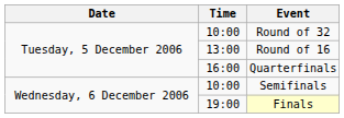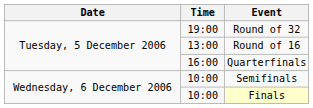 <table class = "wikitable" style="text-align:center;">
 <tr>
 <th width=220>Date</th>
 <th width=50>Time</th>
 <th width=100>Event</th>
 </tr>
 <tr>
 <td rowspan=3>Tuesday, 5 December 2006</td>
-<td>10:00</td>
+<td>19:00</td>
 <td>Round of 32</td>
 </tr>
 <tr>
 <td>13:00</td>
 <td>Round of 16</td>
 </tr>
 <tr>
 <td>16:00</td>
 <td>Quarterfinals</td>
 </tr>
 <tr>
 <td rowspan=2>Wednesday, 6 December 2006</td>
 <td>10:00</td>
 <td>Semifinals</td>
 </tr>
 <tr>
-<td>19:00</td>
+<td>10:00</td>
 <td bgcolor=ffffcc>Finals</td>
 </tr>
 </table>
